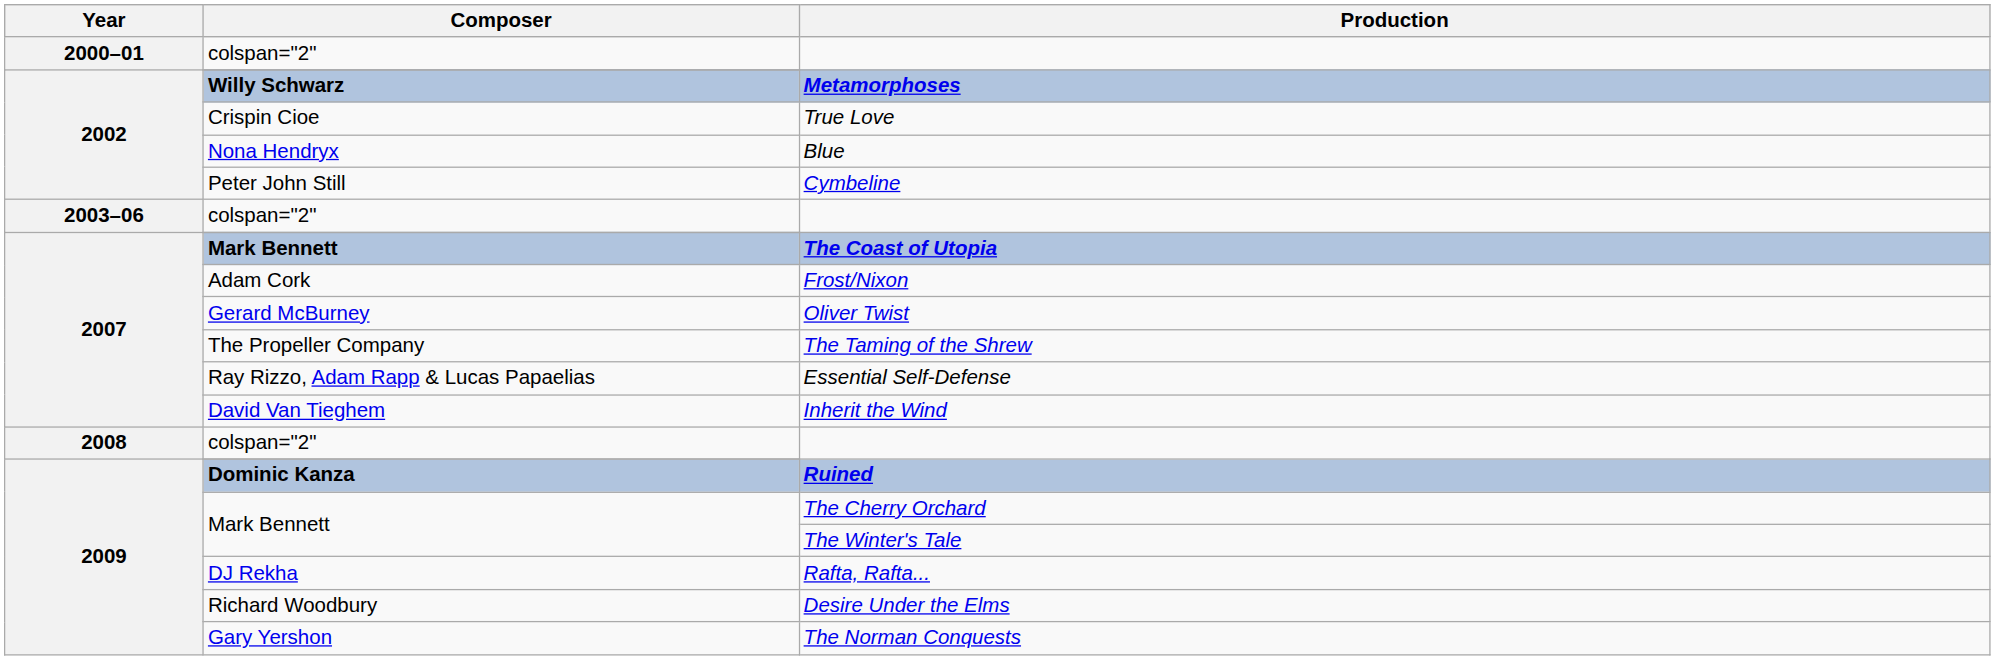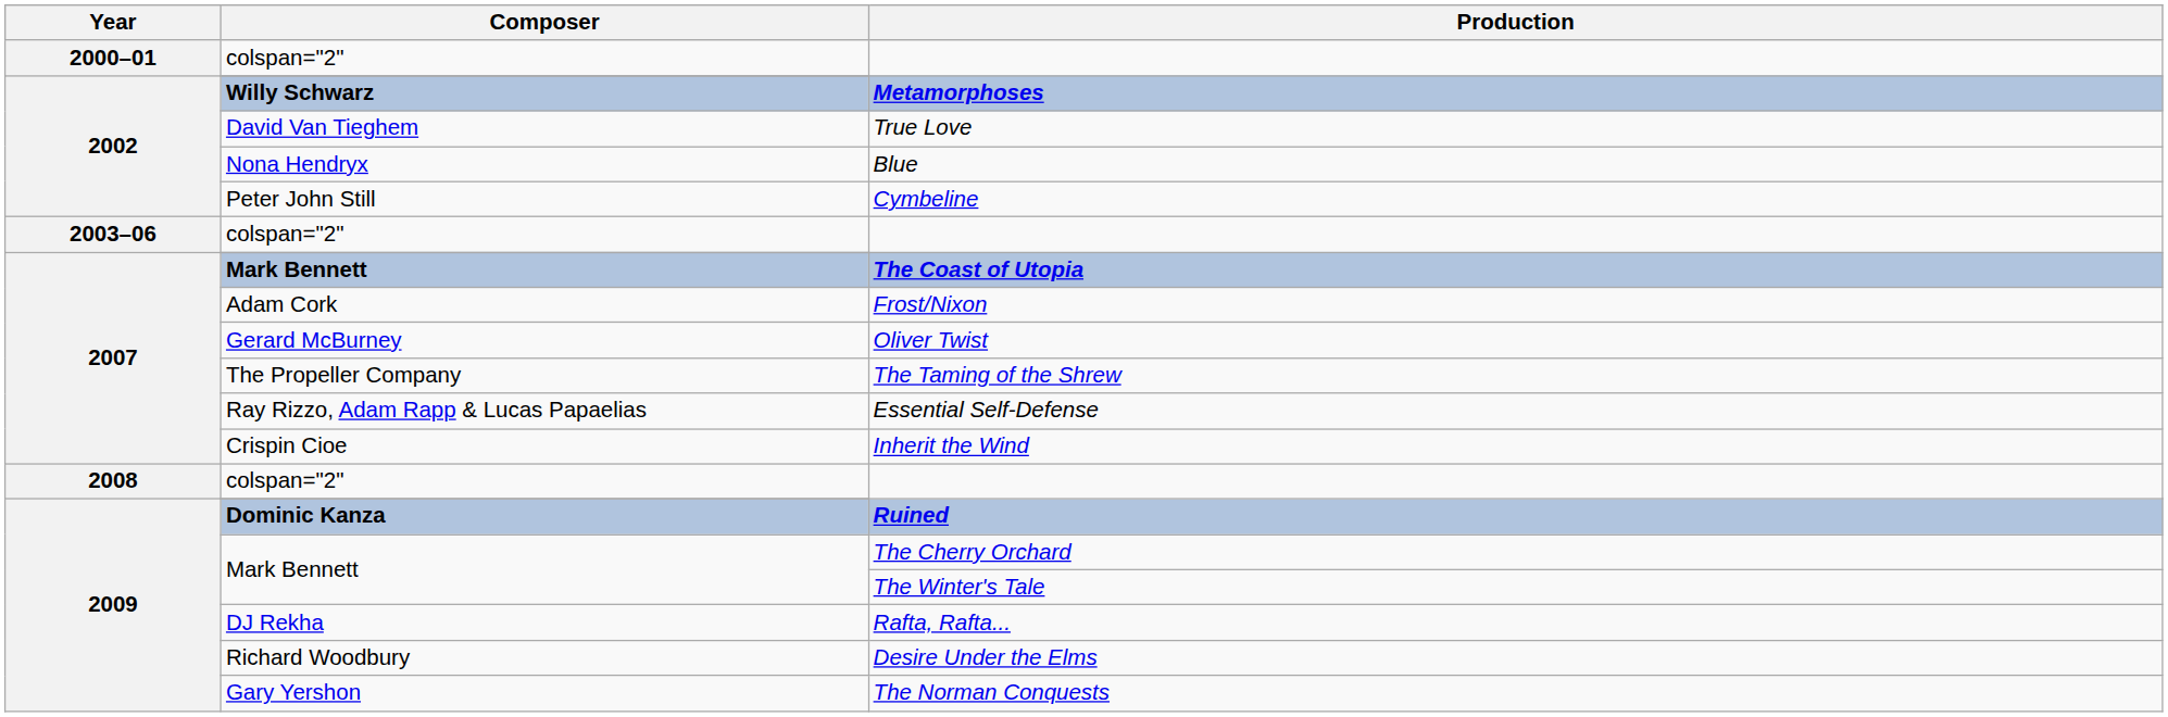 <table class="wikitable" style="width:98%;">
 <tr style="background:#bebebe;">
 <th style="width:10%;">Year</th>
 <th style="width:30%;">Composer</th>
 <th style="width:60%;">Production</th>
 </tr>
 <tr>
 <th>2000–01</th>
 <td>colspan="2" </td>
 </tr>
 <tr>
 <th rowspan="5">2002</th>
 </tr>
 <tr style="background:#B0C4DE">
 <td><strong>Willy Schwarz</strong></td>
 <td><strong><em><a href='#'>Metamorphoses</a></em></strong></td>
 </tr>
 <tr>
-<td>Crispin Cioe</td>
+<td><a href='#'>David Van Tieghem</a></td>
 <td><em>True Love</em></td>
 </tr>
 <tr>
 <td><a href='#'>Nona Hendryx</a></td>
 <td><em>Blue</em></td>
 </tr>
 <tr>
 <td>Peter John Still</td>
 <td><em><a href='#'>Cymbeline</a></em></td>
 </tr>
 <tr>
 <th>2003–06</th>
 <td>colspan="2" </td>
 </tr>
 <tr>
 <th rowspan="7">2007</th>
 </tr>
 <tr style="background:#B0C4DE">
 <td><strong>Mark Bennett</strong></td>
 <td><strong><em><a href='#'>The Coast of Utopia</a></em></strong></td>
 </tr>
 <tr>
 <td>Adam Cork</td>
 <td><em><a href='#'>Frost/Nixon</a></em></td>
 </tr>
 <tr>
 <td><a href='#'>Gerard McBurney</a></td>
 <td><em><a href='#'>Oliver Twist</a></em></td>
 </tr>
 <tr>
 <td>The Propeller Company</td>
 <td><em><a href='#'>The Taming of the Shrew</a></em></td>
 </tr>
 <tr>
 <td>Ray Rizzo, <a href='#'>Adam Rapp</a> & Lucas Papaelias</td>
 <td><em>Essential Self-Defense</em></td>
 </tr>
 <tr>
-<td><a href='#'>David Van Tieghem</a></td>
+<td>Crispin Cioe</td>
 <td><em><a href='#'>Inherit the Wind</a></em></td>
 </tr>
 <tr>
 <th>2008</th>
 <td>colspan="2" </td>
 </tr>
 <tr>
 <th rowspan="7">2009</th>
 </tr>
 <tr style="background:#B0C4DE">
 <td><strong>Dominic Kanza</strong></td>
 <td><strong><em><a href='#'>Ruined</a></em></strong></td>
 </tr>
 <tr>
 <td rowspan="2">Mark Bennett</td>
 <td><em><a href='#'>The Cherry Orchard</a></em></td>
 </tr>
 <tr>
 <td><em><a href='#'>The Winter's Tale</a></em></td>
 </tr>
 <tr>
 <td><a href='#'>DJ Rekha</a></td>
 <td><em><a href='#'>Rafta, Rafta...</a></em></td>
 </tr>
 <tr>
 <td>Richard Woodbury</td>
 <td><em><a href='#'>Desire Under the Elms</a></em></td>
 </tr>
 <tr>
 <td><a href='#'>Gary Yershon</a></td>
 <td><em><a href='#'>The Norman Conquests</a></em></td>
 </tr>
 </table>
